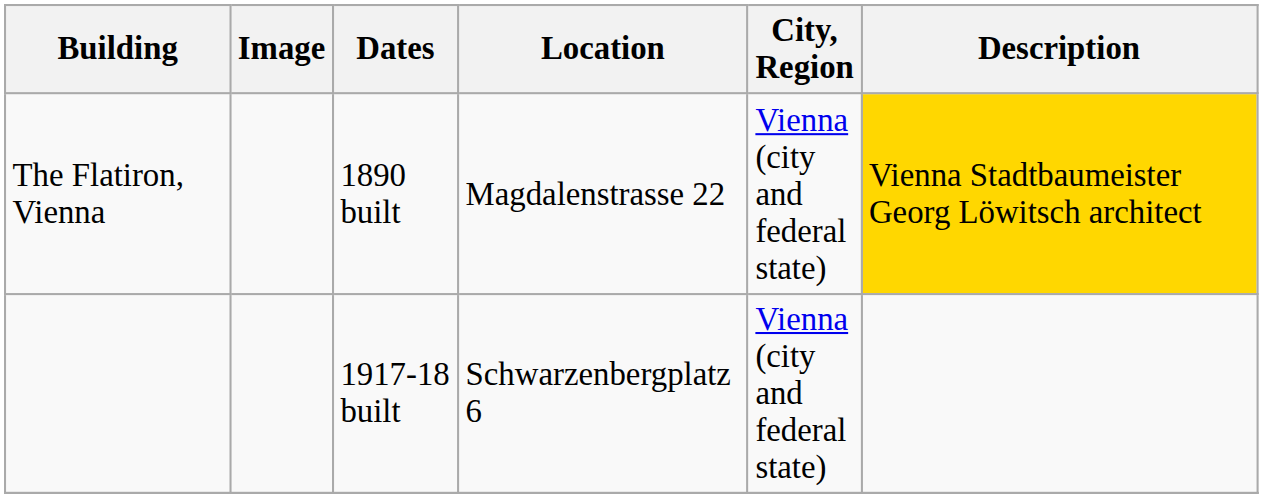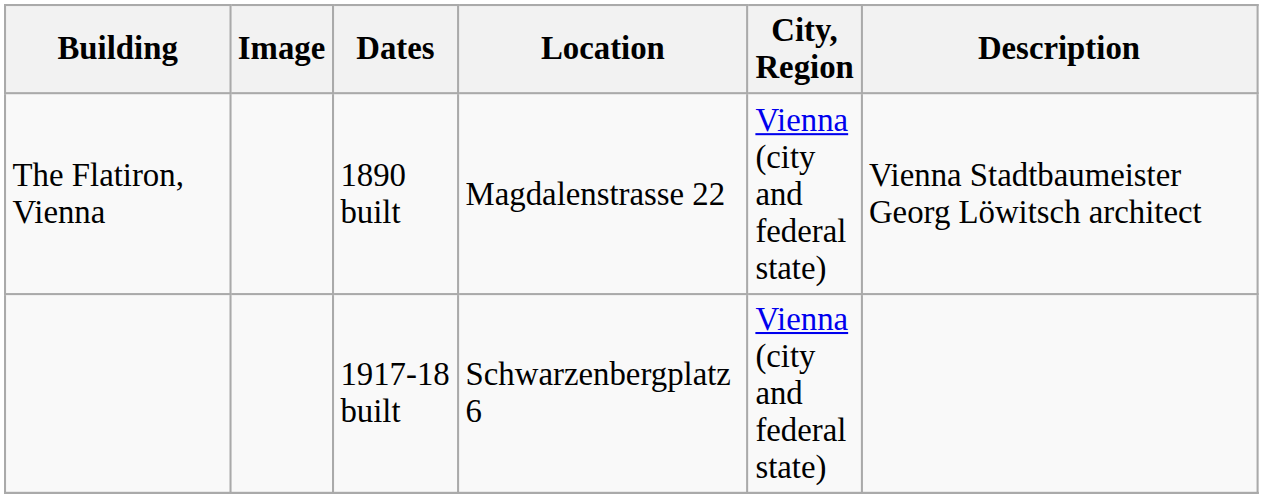 <table class="wikitable sortable" style="width:98%">
 <tr>
 <th width = 18%><strong>Building</strong></th>
 <th width = 8% class="unsortable"><strong>Image</strong></th>
 <th width = 10%><strong>Dates</strong></th>
 <th><strong>Location</strong></th>
 <th width = 8%><strong>City, Region</strong></th>
 <th class="unsortable"><strong>Description</strong></th>
 </tr>
 <tr>
 <td>The Flatiron, Vienna</td>
 <td></td>
 <td>1890 built</td>
 <td>Magdalenstrasse 22<br></td>
 <td><a href='#'>Vienna</a> (city and federal state)</td>
-<td style="background: gold;">Vienna Stadtbaumeister Georg Löwitsch architect</td>
+<td>Vienna Stadtbaumeister Georg Löwitsch architect</td>
 </tr>
 <tr>
 <td></td>
 <td></td>
 <td>1917-18 built</td>
 <td>Schwarzenbergplatz 6<br></td>
 <td><a href='#'>Vienna</a> (city and federal state)</td>
 <td></td>
 </tr>
 <tr>
 </tr>
 </table>
